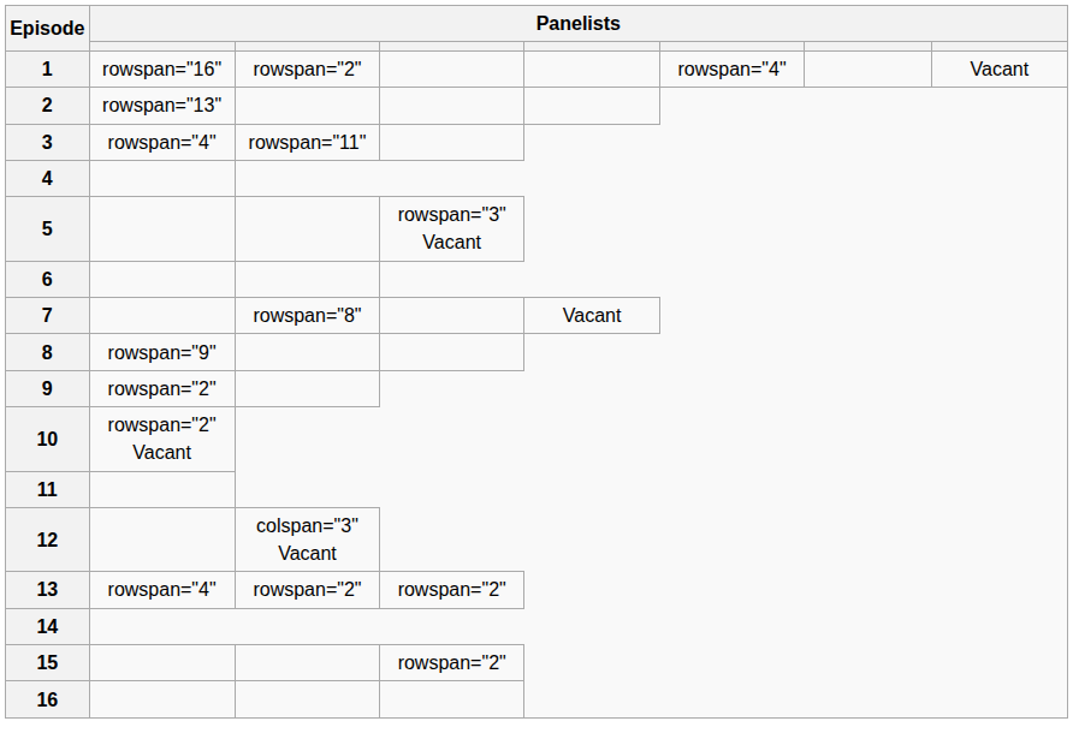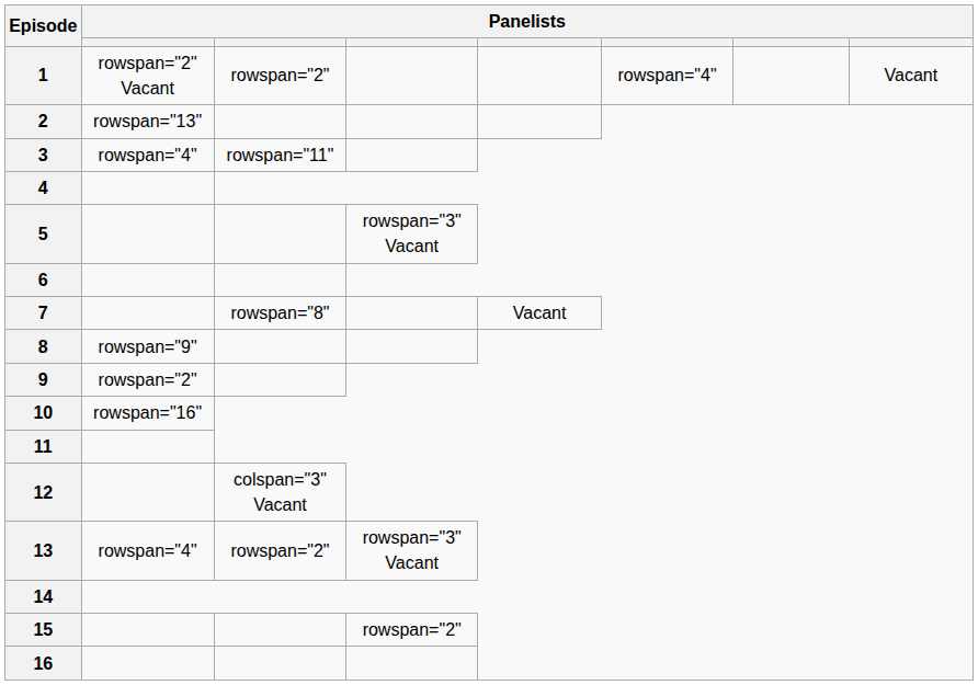 <table class="wikitable plainrowheaders mw-collapsible" style="text-align:center; line-height:23px; width:100%;">
 <tr>
 <th rowspan="2" width="1%">Episode</th>
 <th colspan="7">Panelists</th>
 </tr>
 <tr>
 <th width="14%"></th>
 <th width="14%"></th>
 <th width="14%"></th>
 <th width="14%"></th>
 <th width="14%"></th>
 <th width="14%"></th>
 <th width="14%"></th>
 </tr>
 <tr>
 <th>1</th>
-<td>rowspan="16" </td>
+<td>rowspan="2"  Vacant</td>
 <td>rowspan="2" </td>
 <td></td>
 <td></td>
 <td>rowspan="4" </td>
 <td></td>
 <td> Vacant</td>
 </tr>
 <tr>
 <th>2</th>
 <td>rowspan="13" </td>
 <td></td>
 <td></td>
 <td></td>
 </tr>
 <tr>
 <th>3</th>
 <td>rowspan="4" </td>
 <td>rowspan="11" </td>
 <td></td>
 </tr>
 <tr>
 <th>4</th>
 <td></td>
 </tr>
 <tr>
 <th>5</th>
 <td></td>
 <td></td>
 <td>rowspan="3"  Vacant</td>
 </tr>
 <tr>
 <th>6</th>
 <td></td>
 <td></td>
 </tr>
 <tr>
 <th>7</th>
 <td></td>
 <td>rowspan="8" </td>
 <td></td>
 <td> Vacant</td>
 </tr>
 <tr>
 <th>8</th>
 <td>rowspan="9"</td>
 <td></td>
 <td></td>
 </tr>
 <tr>
 <th>9</th>
 <td>rowspan="2" </td>
 <td></td>
 </tr>
 <tr>
 <th>10</th>
-<td>rowspan="2"  Vacant</td>
+<td>rowspan="16" </td>
 </tr>
 <tr>
 <th>11</th>
 <td></td>
 </tr>
 <tr>
 <th>12</th>
 <td></td>
 <td>colspan="3"  Vacant</td>
 </tr>
 <tr>
 <th>13</th>
 <td>rowspan="4" </td>
 <td>rowspan="2" </td>
-<td>rowspan="2" </td>
+<td>rowspan="3"  Vacant</td>
 </tr>
 <tr>
 <th>14</th>
 </tr>
 <tr>
 <th>15</th>
 <td></td>
 <td></td>
 <td>rowspan="2" </td>
 </tr>
 <tr>
 <th>16</th>
 <td></td>
 <td></td>
 <td></td>
 </tr>
 </table>
